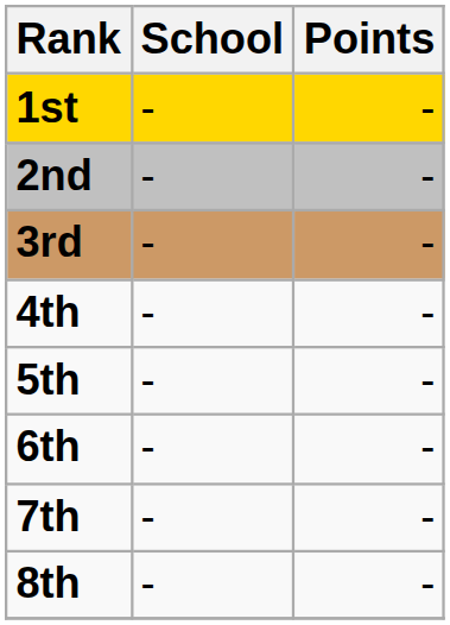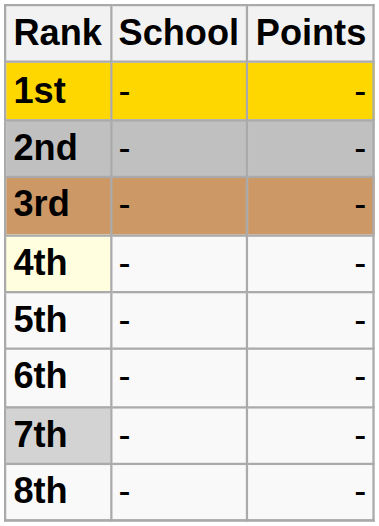 <table class="wikitable">
 <tr>
 <th>Rank</th>
 <th>School</th>
 <th>Points</th>
 </tr>
 <tr bgcolor="gold">
 <td><strong>1st</strong></td>
 <td>-</td>
 <td align=right>-</td>
 </tr>
 <tr bgcolor=#C0C0C0>
 <td><strong>2nd</strong></td>
 <td>-</td>
 <td align=right>-</td>
 </tr>
 <tr bgcolor=#CC9966>
 <td><strong>3rd</strong></td>
 <td>-</td>
 <td align=right>-</td>
 </tr>
 <tr>
-<td><strong>4th</strong></td>
+<td style="background: lightyellow;"><strong>4th</strong></td>
 <td>-</td>
 <td align=right>-</td>
 </tr>
 <tr>
 <td><strong>5th</strong></td>
 <td>-</td>
 <td align=right>-</td>
 </tr>
 <tr>
 <td><strong>6th</strong></td>
 <td>-</td>
 <td align=right>-</td>
 </tr>
 <tr>
-<td><strong>7th</strong></td>
+<td style="background: lightgrey;"><strong>7th</strong></td>
 <td>-</td>
 <td align=right>-</td>
 </tr>
 <tr>
 <td><strong>8th</strong></td>
 <td>-</td>
 <td align=right>-</td>
 </tr>
 <tr>
 </tr>
 </table>
